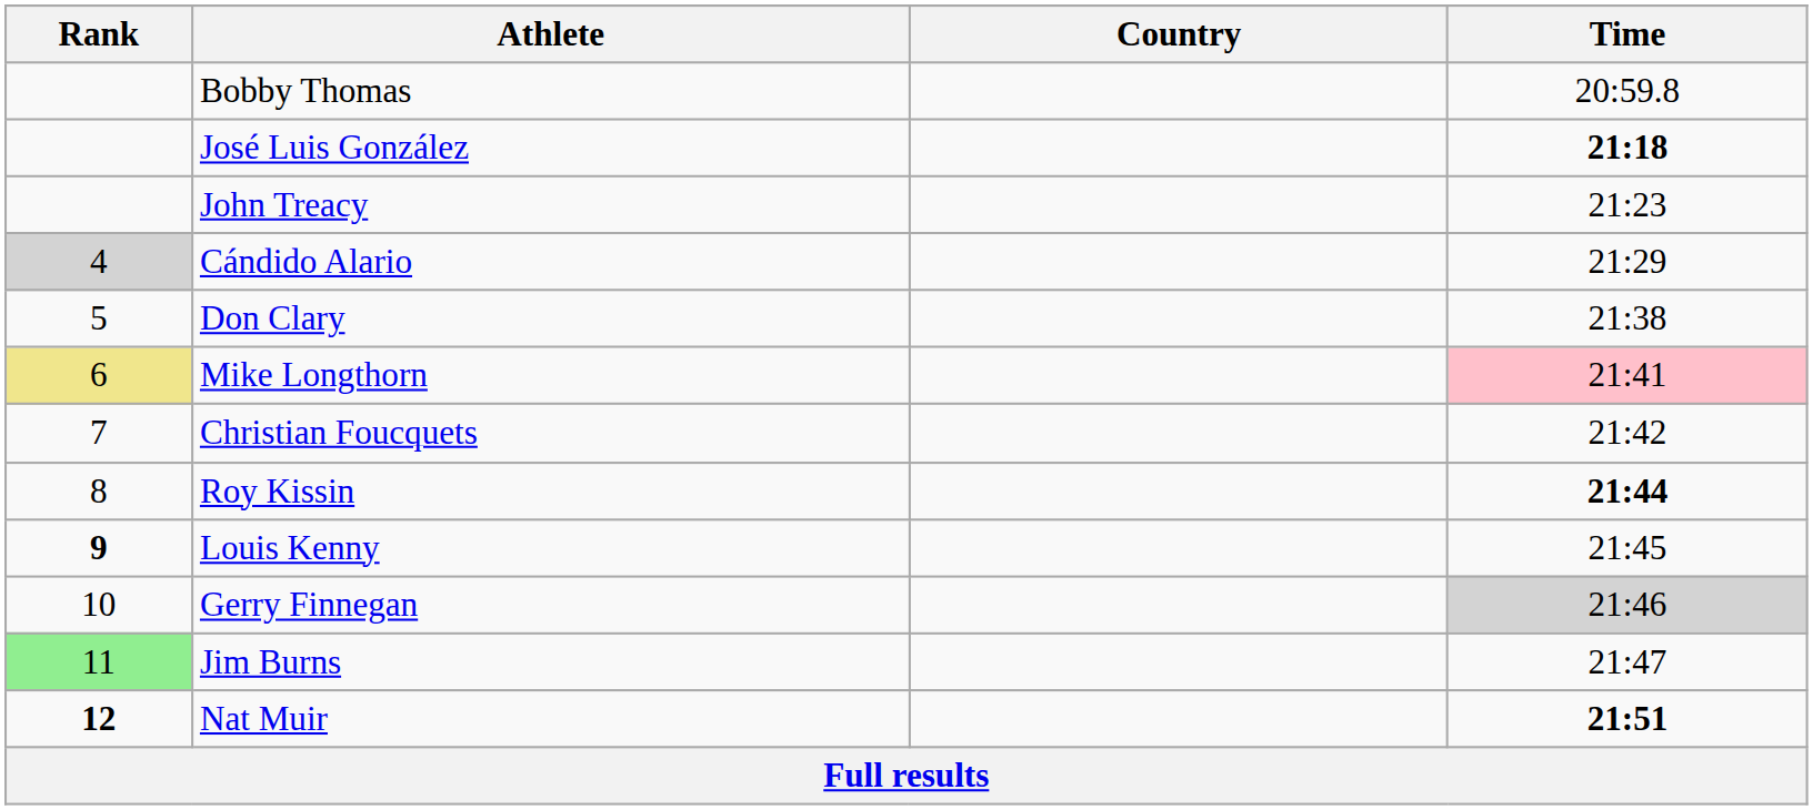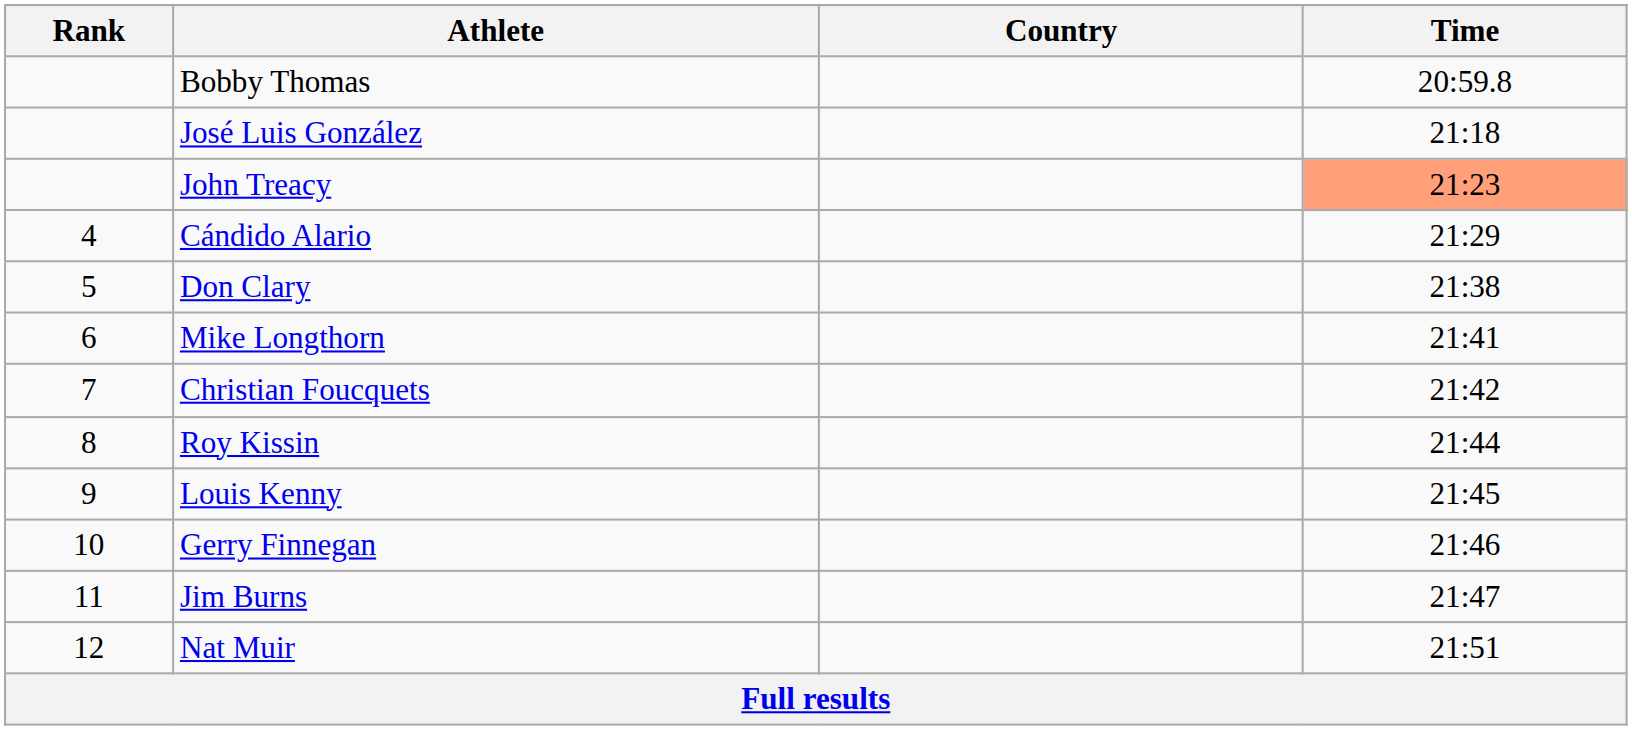 <table class="wikitable sortable" style=" text-align:center; font-size:95%;" width="50%">
 <tr>
 </tr>
 <tr>
 <th width=5%>Rank</th>
 <th width=20%>Athlete</th>
 <th width=15%>Country</th>
 <th width=10%>Time</th>
 </tr>
 <tr>
 <td align=center></td>
 <td align=left>Bobby Thomas</td>
 <td align=left></td>
 <td>20:59.8</td>
 </tr>
 <tr>
 <td align=center></td>
 <td align=left><a href='#'>José Luis González</a></td>
 <td align=left></td>
-<td><strong>21:18</strong></td>
+<td>21:18</td>
 </tr>
 <tr>
 <td align=center></td>
 <td align=left><a href='#'>John Treacy</a></td>
 <td align=left></td>
-<td>21:23</td>
+<td style="background: lightsalmon;">21:23</td>
 </tr>
 <tr>
-<td align=center style="background: lightgrey;">4</td>
+<td align=center>4</td>
 <td align=left><a href='#'>Cándido Alario</a></td>
 <td align=left></td>
 <td>21:29</td>
 </tr>
 <tr>
 <td align=center>5</td>
 <td align=left><a href='#'>Don Clary</a></td>
 <td align=left></td>
 <td>21:38</td>
 </tr>
 <tr>
-<td align=center style="background: khaki;">6</td>
+<td align=center>6</td>
 <td align=left><a href='#'>Mike Longthorn</a></td>
 <td align=left></td>
-<td style="background: pink;">21:41</td>
+<td>21:41</td>
 </tr>
 <tr>
 <td align=center>7</td>
 <td align=left><a href='#'>Christian Foucquets</a></td>
 <td align=left></td>
 <td>21:42</td>
 </tr>
 <tr>
 <td align=center>8</td>
 <td align=left><a href='#'>Roy Kissin</a></td>
 <td align=left></td>
-<td><strong>21:44</strong></td>
+<td>21:44</td>
 </tr>
 <tr>
-<td align=center><strong>9</strong></td>
+<td align=center>9</td>
 <td align=left><a href='#'>Louis Kenny</a></td>
 <td align=left></td>
 <td>21:45</td>
 </tr>
 <tr>
 <td align=center>10</td>
 <td align=left><a href='#'>Gerry Finnegan</a></td>
 <td align=left></td>
-<td style="background: lightgrey;">21:46</td>
+<td>21:46</td>
 </tr>
 <tr>
-<td align=center style="background: lightgreen;">11</td>
+<td align=center>11</td>
 <td align=left><a href='#'>Jim Burns</a></td>
 <td align=left></td>
 <td>21:47</td>
 </tr>
 <tr>
-<td align=center><strong>12</strong></td>
+<td align=center>12</td>
 <td align=left><a href='#'>Nat Muir</a></td>
 <td align=left></td>
-<td><strong>21:51</strong></td>
+<td>21:51</td>
 </tr>
 <tr class="sortbottom">
 <th colspan=4 align=center><a href='#'>Full results</a></th>
 </tr>
 </table>
